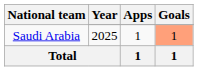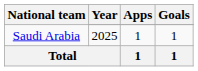 <table class="wikitable" style="text-align:center">
 <tr>
 <th>National team</th>
 <th>Year</th>
 <th>Apps</th>
 <th>Goals</th>
 </tr>
 <tr>
 <td rowspan="2"><a href='#'>Saudi Arabia</a></td>
 </tr>
 <tr>
 <td>2025</td>
 <td>1</td>
-<td style="background: lightsalmon;">1</td>
+<td>1</td>
 </tr>
 <tr>
 <th colspan="2">Total</th>
 <th>1</th>
 <th>1</th>
 </tr>
 </table>
